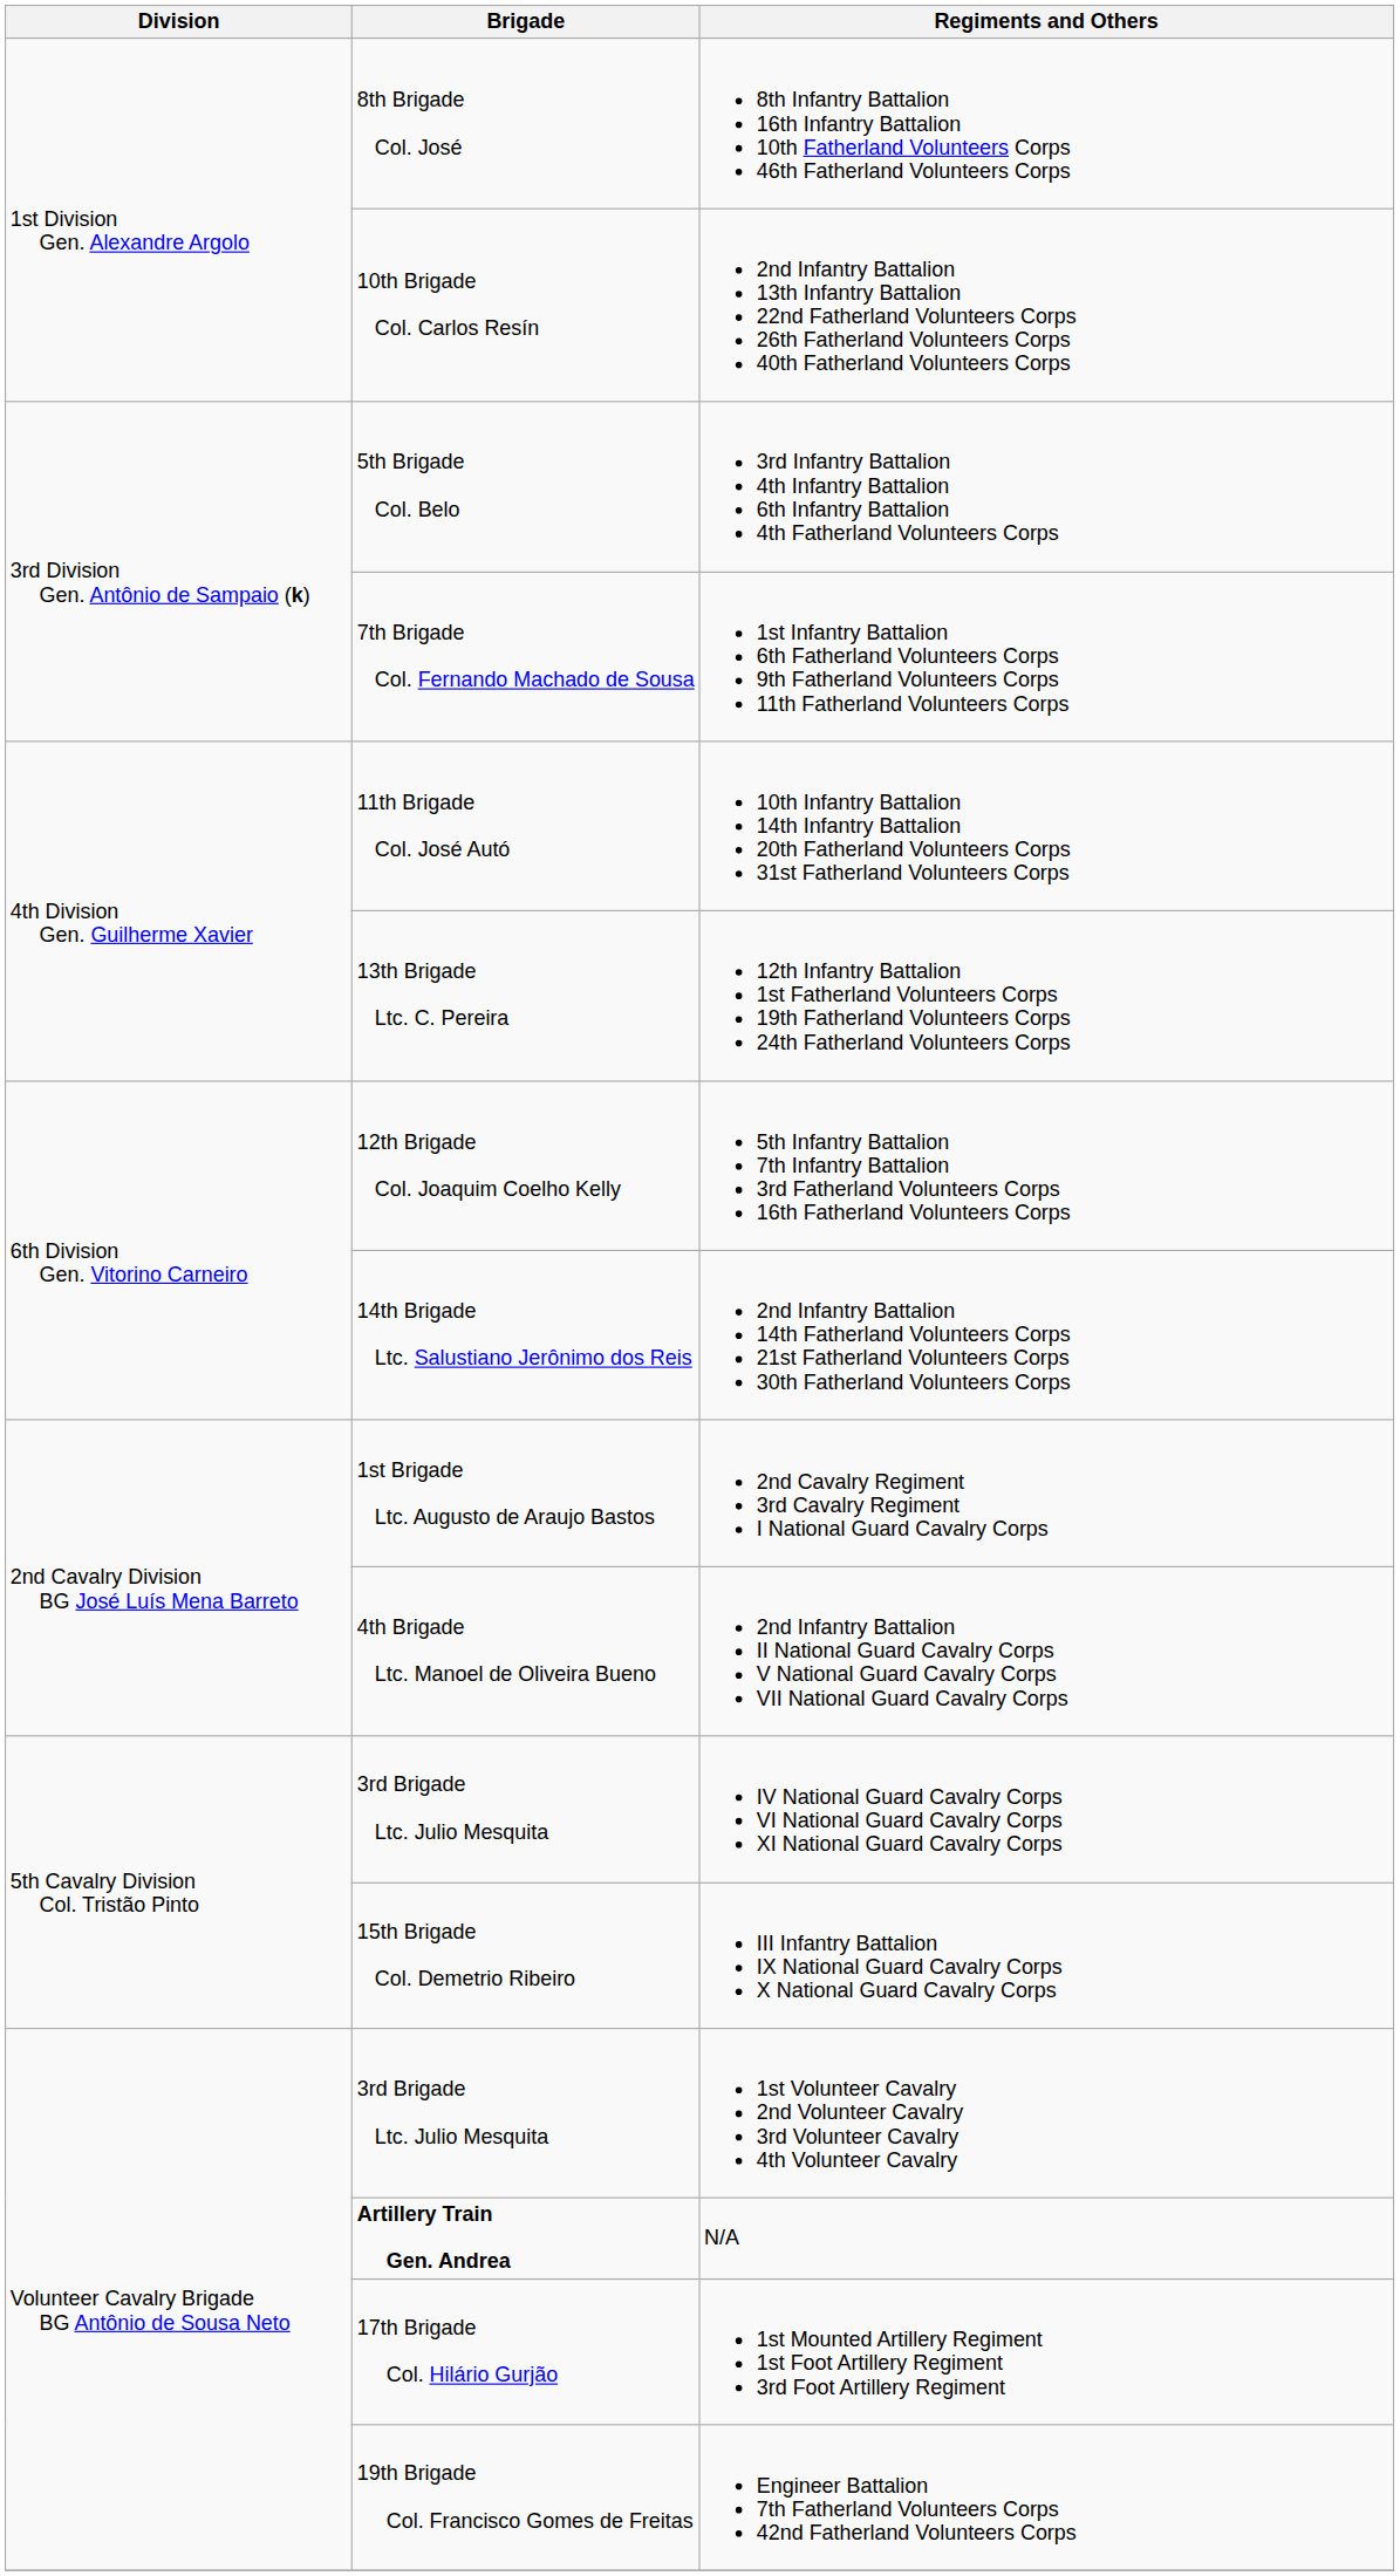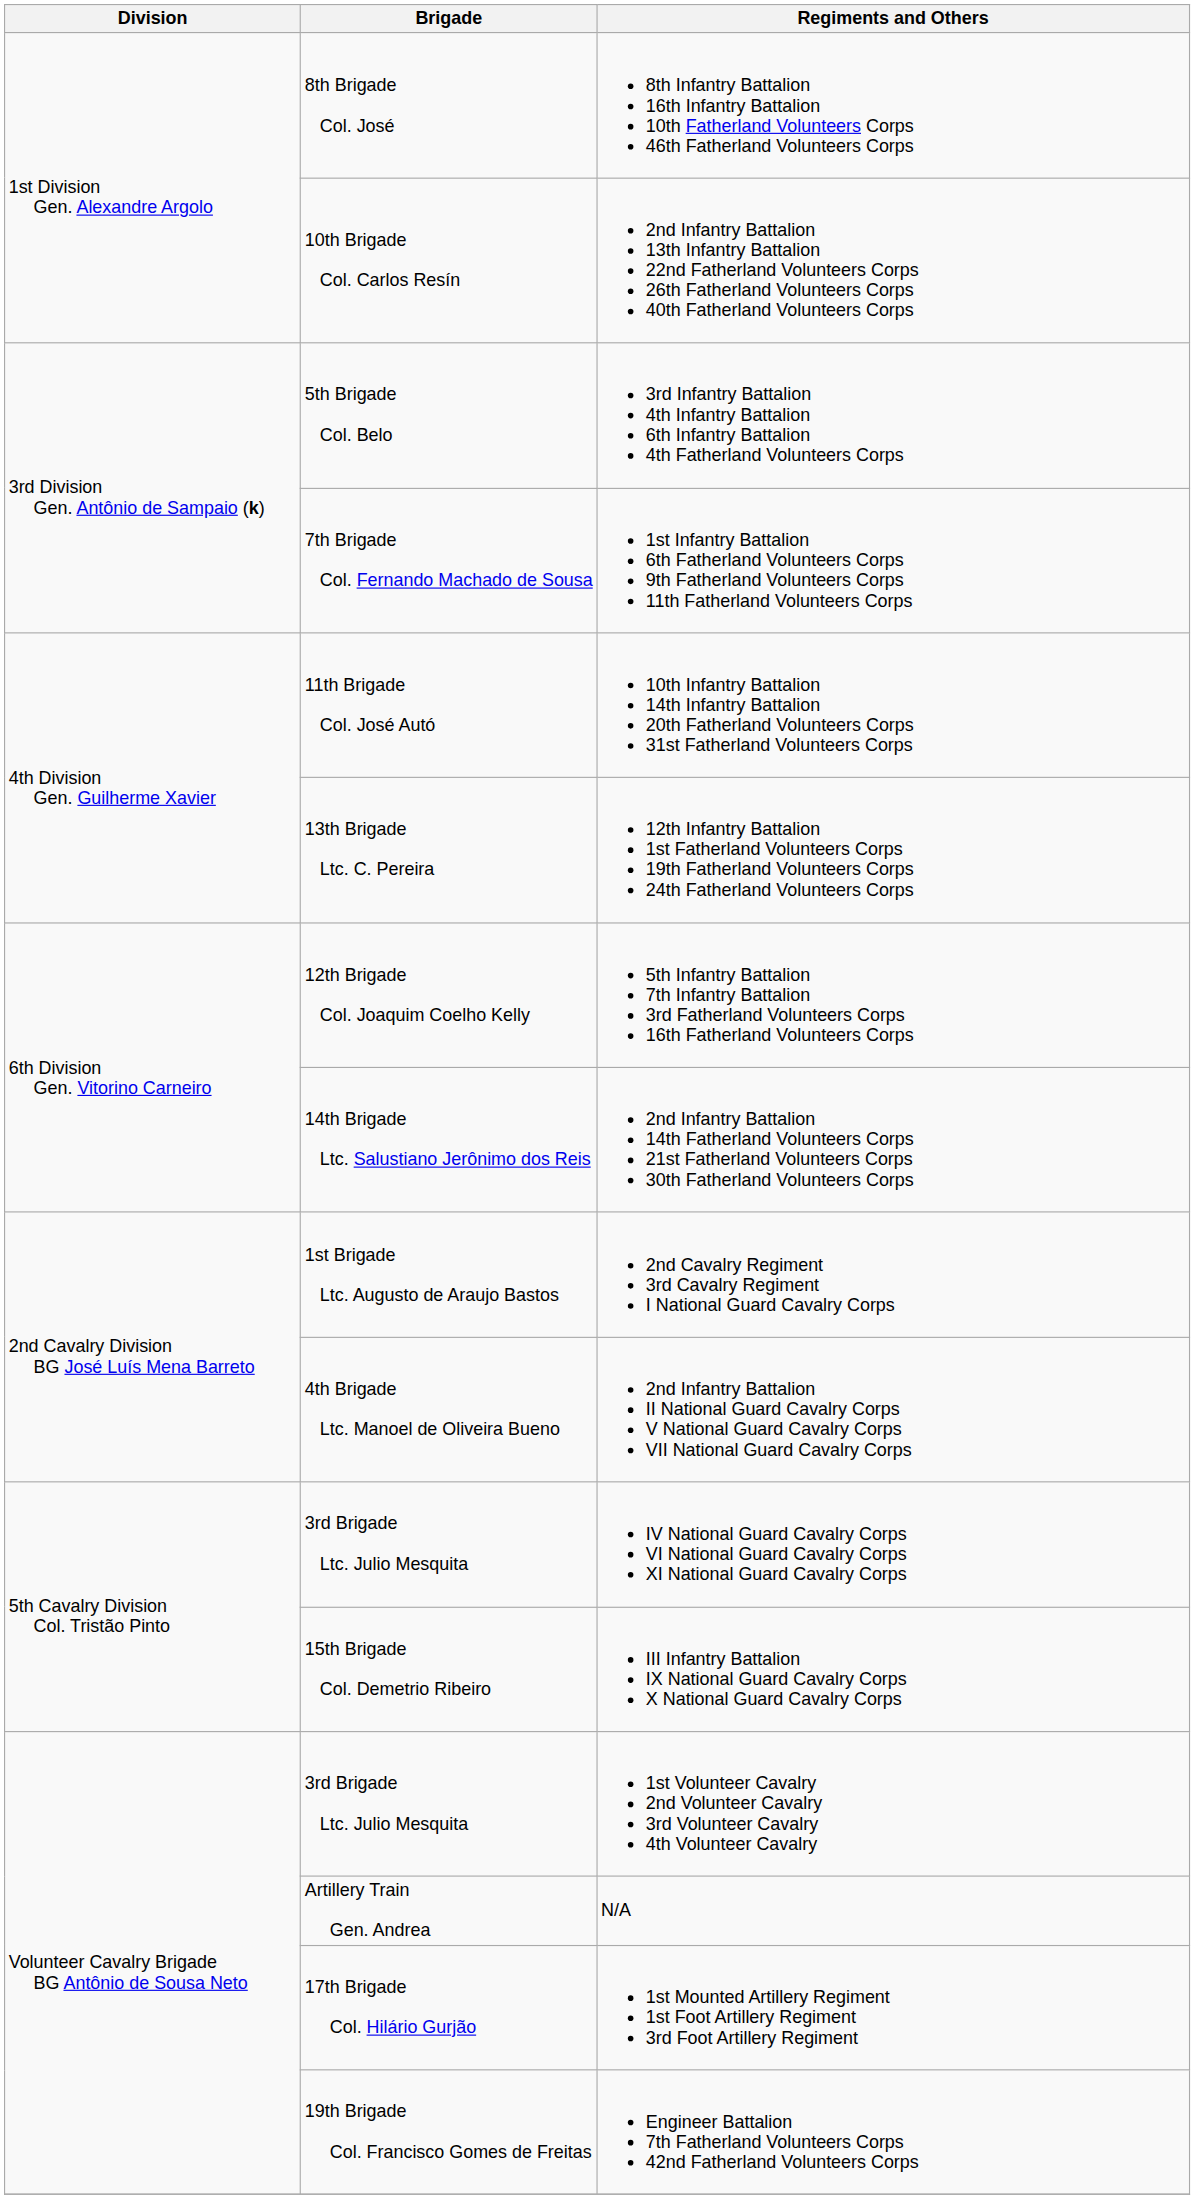 <table class="wikitable">
 <tr>
 <th width="25%">Division</th>
 <th width="25%">Brigade</th>
 <th>Regiments and Others</th>
 </tr>
 <tr>
 <td rowspan="2"><br>1st Division <br>     Gen. <a href='#'>Alexandre Argolo</a></td>
 <td>8th Brigade<br><br>   Col. José</td>
 <td><br><ul><li>8th Infantry Battalion</li><li>16th Infantry Battalion</li><li>10th <a href='#'>Fatherland Volunteers</a> Corps</li><li>46th Fatherland Volunteers Corps</li></ul></td>
 </tr>
 <tr>
 <td>10th Brigade<br><br>   Col. Carlos Resín</td>
 <td><br><ul><li>2nd Infantry Battalion</li><li>13th Infantry Battalion</li><li>22nd Fatherland Volunteers Corps</li><li>26th Fatherland Volunteers Corps</li><li>40th Fatherland Volunteers Corps</li></ul></td>
 </tr>
 <tr>
 <td rowspan="2"><br>3rd Division <br>     Gen. <a href='#'>Antônio de Sampaio</a> (<strong>k</strong>)</td>
 <td>5th Brigade<br><br>   Col. Belo</td>
 <td><br><ul><li>3rd Infantry Battalion</li><li>4th Infantry Battalion</li><li>6th Infantry Battalion</li><li>4th Fatherland Volunteers Corps</li></ul></td>
 </tr>
 <tr>
 <td>7th Brigade<br><br>   Col. <a href='#'>Fernando Machado de Sousa</a></td>
 <td><br><ul><li>1st Infantry Battalion</li><li>6th Fatherland Volunteers Corps</li><li>9th Fatherland Volunteers Corps</li><li>11th Fatherland Volunteers Corps</li></ul></td>
 </tr>
 <tr>
 <td rowspan="2"><br>4th Division <br>     Gen. <a href='#'>Guilherme Xavier</a></td>
 <td>11th Brigade<br><br>   Col. José Autó</td>
 <td><br><ul><li>10th Infantry Battalion</li><li>14th Infantry Battalion</li><li>20th Fatherland Volunteers Corps</li><li>31st Fatherland Volunteers Corps</li></ul></td>
 </tr>
 <tr>
 <td>13th Brigade<br><br>   Ltc. C. Pereira</td>
 <td><br><ul><li>12th Infantry Battalion</li><li>1st Fatherland Volunteers Corps</li><li>19th Fatherland Volunteers Corps</li><li>24th Fatherland Volunteers Corps</li></ul></td>
 </tr>
 <tr>
 <td rowspan="2"><br>6th Division <br>     Gen. <a href='#'>Vitorino Carneiro</a></td>
 <td>12th Brigade<br><br>   Col. Joaquim Coelho Kelly</td>
 <td><br><ul><li>5th Infantry Battalion</li><li>7th Infantry Battalion</li><li>3rd Fatherland Volunteers Corps</li><li>16th Fatherland Volunteers Corps</li></ul></td>
 </tr>
 <tr>
 <td>14th Brigade<br><br>   Ltc. <a href='#'>Salustiano Jerônimo dos Reis</a></td>
 <td><br><ul><li>2nd Infantry Battalion</li><li>14th Fatherland Volunteers Corps</li><li>21st Fatherland Volunteers Corps</li><li>30th Fatherland Volunteers Corps</li></ul></td>
 </tr>
 <tr>
 <td rowspan="2"><br>2nd Cavalry Division <br>     BG <a href='#'>José Luís Mena Barreto</a></td>
 <td>1st Brigade<br><br>   Ltc. Augusto de Araujo Bastos</td>
 <td><br><ul><li>2nd Cavalry Regiment</li><li>3rd Cavalry Regiment</li><li>I National Guard Cavalry Corps</li></ul></td>
 </tr>
 <tr>
 <td>4th Brigade<br><br>   Ltc. Manoel de Oliveira Bueno</td>
 <td><br><ul><li>2nd Infantry Battalion</li><li>II National Guard Cavalry Corps</li><li>V National Guard Cavalry Corps</li><li>VII National Guard Cavalry Corps</li></ul></td>
 </tr>
 <tr>
 <td rowspan="2"><br>5th Cavalry Division <br>     Col. Tristão Pinto</td>
 <td>3rd Brigade<br><br>   Ltc. Julio Mesquita</td>
 <td><br><ul><li>IV National Guard Cavalry Corps</li><li>VI National Guard Cavalry Corps</li><li>XI National Guard Cavalry Corps</li></ul></td>
 </tr>
 <tr>
 <td>15th Brigade<br><br>   Col. Demetrio Ribeiro</td>
 <td><br><ul><li>III Infantry Battalion</li><li>IX National Guard Cavalry Corps</li><li>X National Guard Cavalry Corps</li></ul></td>
 </tr>
 <tr>
 <td rowspan="4"><br>Volunteer Cavalry Brigade <br>     BG <a href='#'>Antônio de Sousa Neto</a></td>
 <td>3rd Brigade<br><br>   Ltc. Julio Mesquita</td>
 <td><br><ul><li>1st Volunteer Cavalry</li><li>2nd Volunteer Cavalry</li><li>3rd Volunteer Cavalry</li><li>4th Volunteer Cavalry</li></ul></td>
 </tr>
 <tr>
-<td><strong>Artillery Train<br><br>     Gen. Andrea</strong></td>
+<td>Artillery Train<br><br>     Gen. Andrea</td>
 <td>N/A</td>
 </tr>
 <tr>
 <td>17th Brigade<br><br>     Col. <a href='#'>Hilário Gurjão</a></td>
 <td><br><ul><li>1st Mounted Artillery Regiment</li><li>1st Foot Artillery Regiment</li><li>3rd Foot Artillery Regiment</li></ul></td>
 </tr>
 <tr>
 <td>19th Brigade<br><br>     Col. Francisco Gomes de Freitas</td>
 <td><br><ul><li>Engineer Battalion</li><li>7th Fatherland Volunteers Corps</li><li>42nd Fatherland Volunteers Corps</li></ul></td>
 </tr>
 <tr>
 </tr>
 </table>
